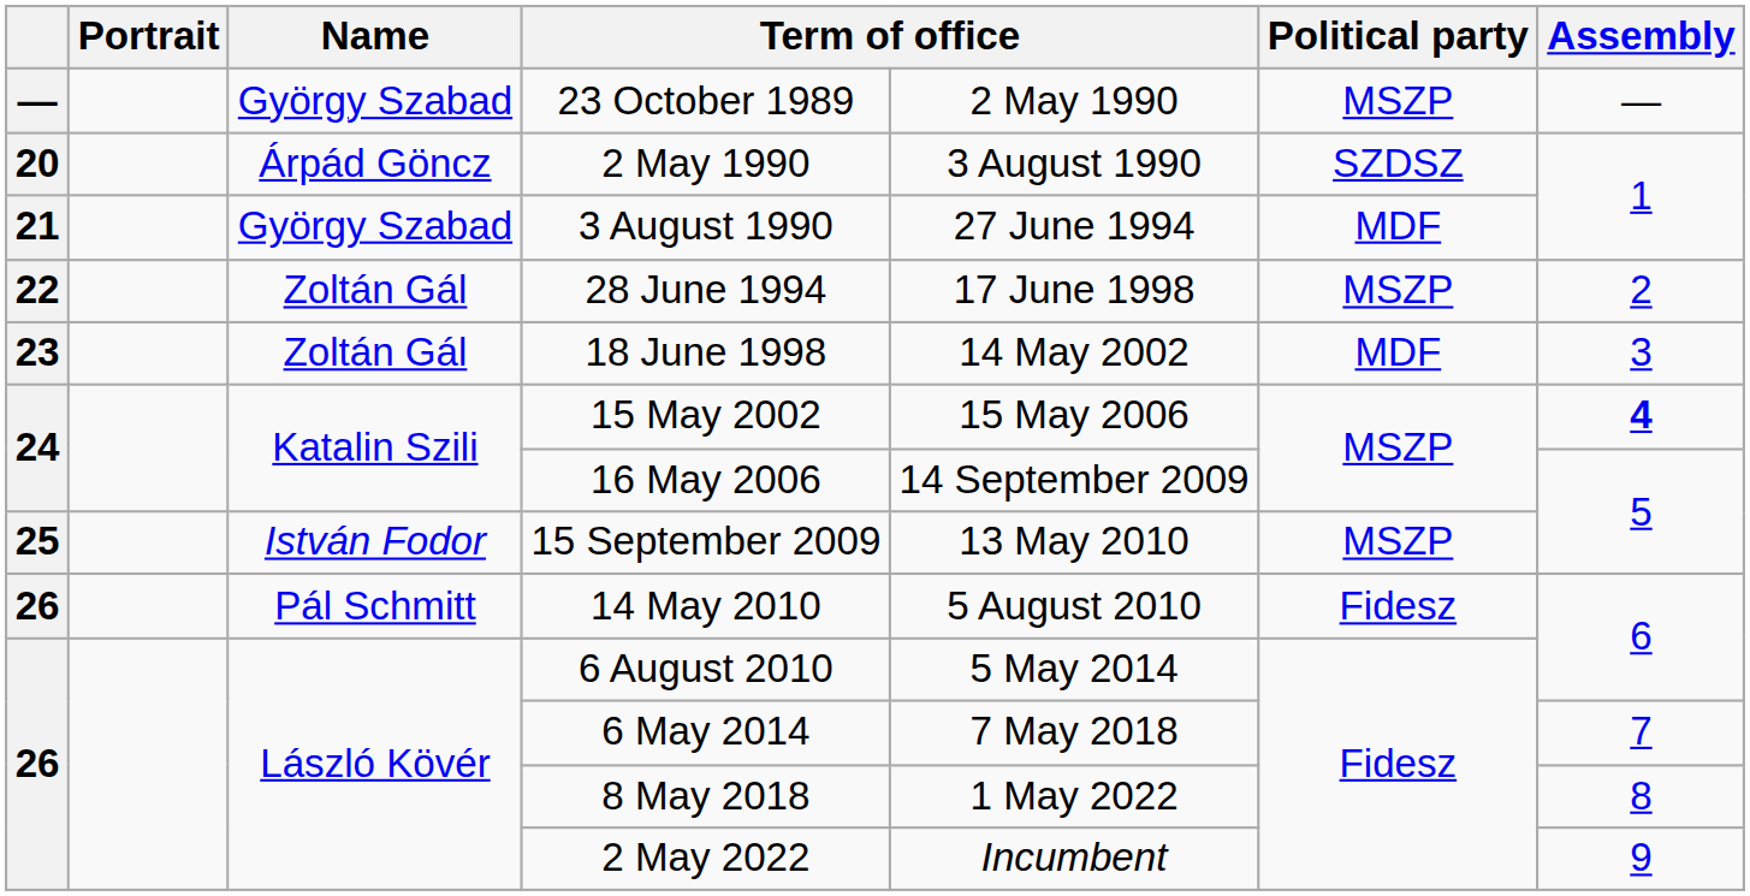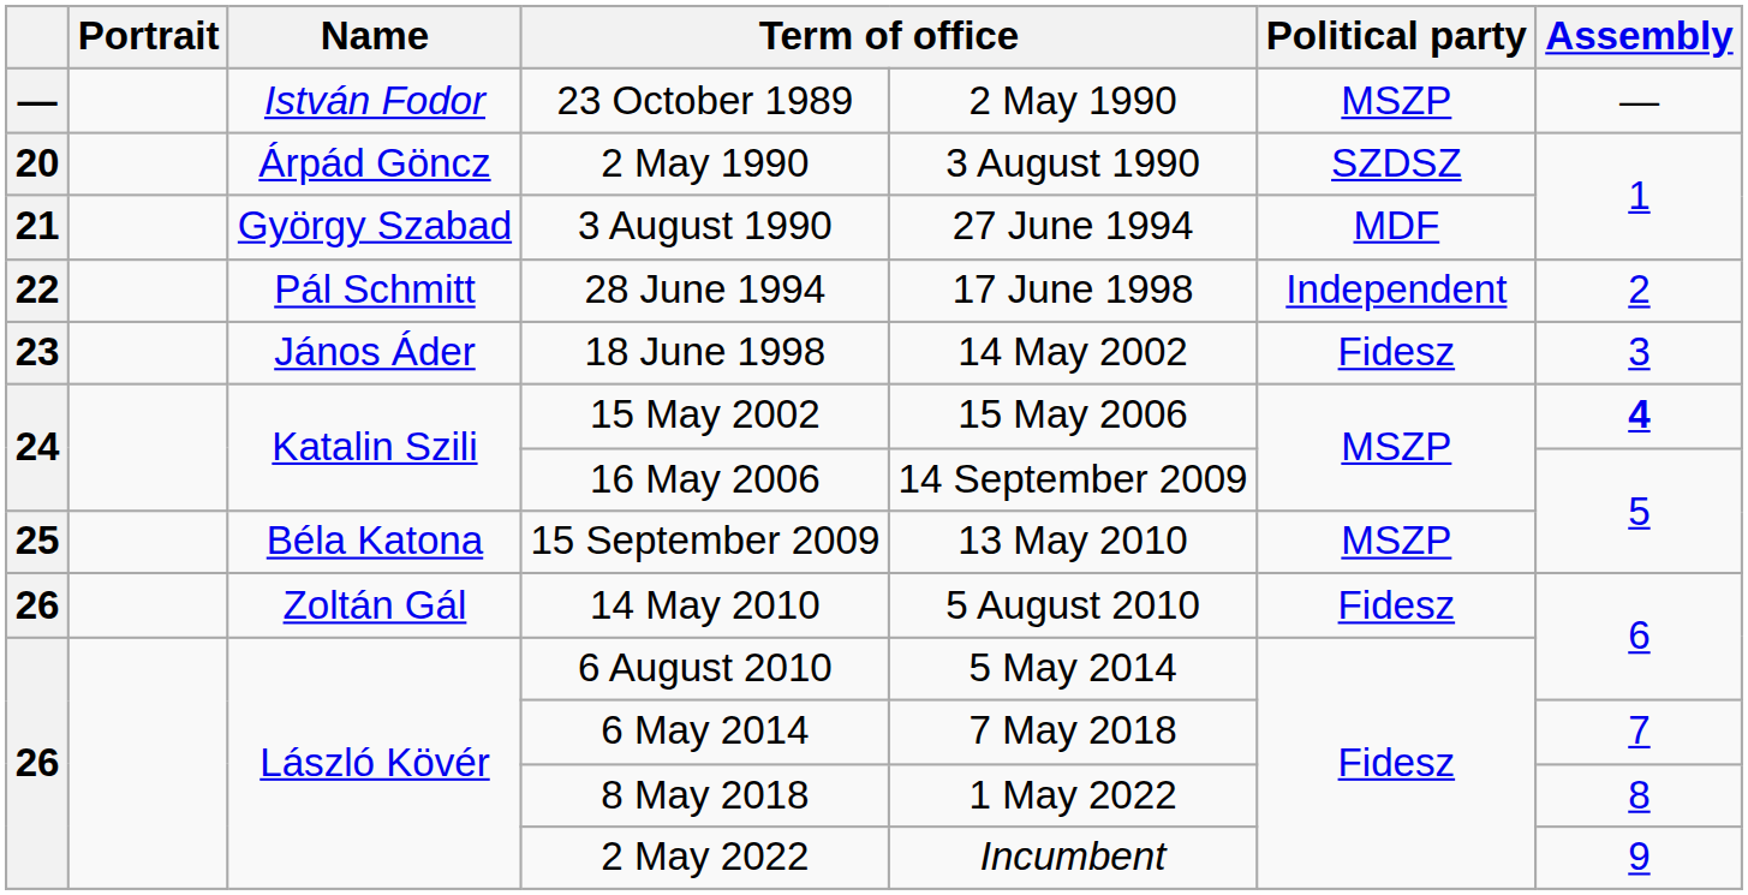 <table class="wikitable" style="text-align:center">
 <tr>
 <th></th>
 <th>Portrait</th>
 <th>Name<br></th>
 <th colspan=2>Term of office</th>
 <th>Political party</th>
 <th><a href='#'>Assembly</a><br></th>
 </tr>
 <tr>
 <th style="background:">—</th>
 <td></td>
-<td><a href='#'>György Szabad</a><br></td>
+<td><em><a href='#'>István Fodor</a></em><br></td>
 <td>23 October 1989</td>
 <td>2 May 1990</td>
 <td><a href='#'>MSZP</a></td>
 <td>—</td>
 </tr>
 <tr>
 <th style="background:">20</th>
 <td></td>
 <td><a href='#'>Árpád Göncz</a><br></td>
 <td>2 May 1990</td>
 <td>3 August 1990</td>
 <td><a href='#'>SZDSZ</a></td>
 <td rowspan=2><a href='#'>1 </a></td>
 </tr>
 <tr>
 <th style="background:">21</th>
 <td></td>
 <td><a href='#'>György Szabad</a><br></td>
 <td>3 August 1990</td>
 <td>27 June 1994</td>
 <td><a href='#'>MDF</a></td>
 </tr>
 <tr>
 <th style="background:">22</th>
 <td></td>
-<td><a href='#'>Zoltán Gál</a><br></td>
+<td><a href='#'>Pál Schmitt</a><br></td>
 <td>28 June 1994</td>
 <td>17 June 1998</td>
-<td><a href='#'>MSZP</a></td>
+<td><a href='#'>Independent</a></td>
 <td><a href='#'>2 </a></td>
 </tr>
 <tr>
 <th style="background:">23</th>
 <td></td>
-<td><a href='#'>Zoltán Gál</a><br></td>
+<td><a href='#'>János Áder</a><br></td>
 <td>18 June 1998</td>
 <td>14 May 2002</td>
-<td><a href='#'>MDF</a></td>
+<td><a href='#'>Fidesz</a></td>
 <td><a href='#'>3 </a></td>
 </tr>
 <tr>
 <th rowspan=2 style="background:">24</th>
 <td rowspan=2></td>
 <td rowspan=2><a href='#'>Katalin Szili</a><br></td>
 <td>15 May 2002</td>
 <td>15 May 2006</td>
 <td rowspan=2><a href='#'>MSZP</a></td>
 <td><strong><a href='#'>4 </a></strong></td>
 </tr>
 <tr>
 <td>16 May 2006</td>
 <td>14 September 2009</td>
 <td rowspan=2><a href='#'>5 </a></td>
 </tr>
 <tr>
 <th style="background:">25</th>
 <td></td>
-<td><em><a href='#'>István Fodor</a></em><br></td>
+<td><a href='#'>Béla Katona</a><br></td>
 <td>15 September 2009</td>
 <td>13 May 2010</td>
 <td><a href='#'>MSZP</a></td>
 </tr>
 <tr>
 <th style="background:">26</th>
 <td></td>
-<td><a href='#'>Pál Schmitt</a><br></td>
+<td><a href='#'>Zoltán Gál</a><br></td>
 <td>14 May 2010</td>
 <td>5 August 2010</td>
 <td><a href='#'>Fidesz</a></td>
 <td rowspan=2><a href='#'>6 </a></td>
 </tr>
 <tr>
 <th rowspan=4 style="background:">26</th>
 <td rowspan=4></td>
 <td rowspan=4><a href='#'>László Kövér</a><br></td>
 <td>6 August 2010</td>
 <td>5 May 2014</td>
 <td rowspan=4><a href='#'>Fidesz</a></td>
 </tr>
 <tr>
 <td>6 May 2014</td>
 <td>7 May 2018</td>
 <td><a href='#'>7 </a></td>
 </tr>
 <tr>
 <td>8 May 2018</td>
 <td>1 May 2022</td>
 <td><a href='#'>8 </a></td>
 </tr>
 <tr>
 <td>2 May 2022</td>
 <td><em>Incumbent</em></td>
 <td><a href='#'>9 </a></td>
 </tr>
 </table>
